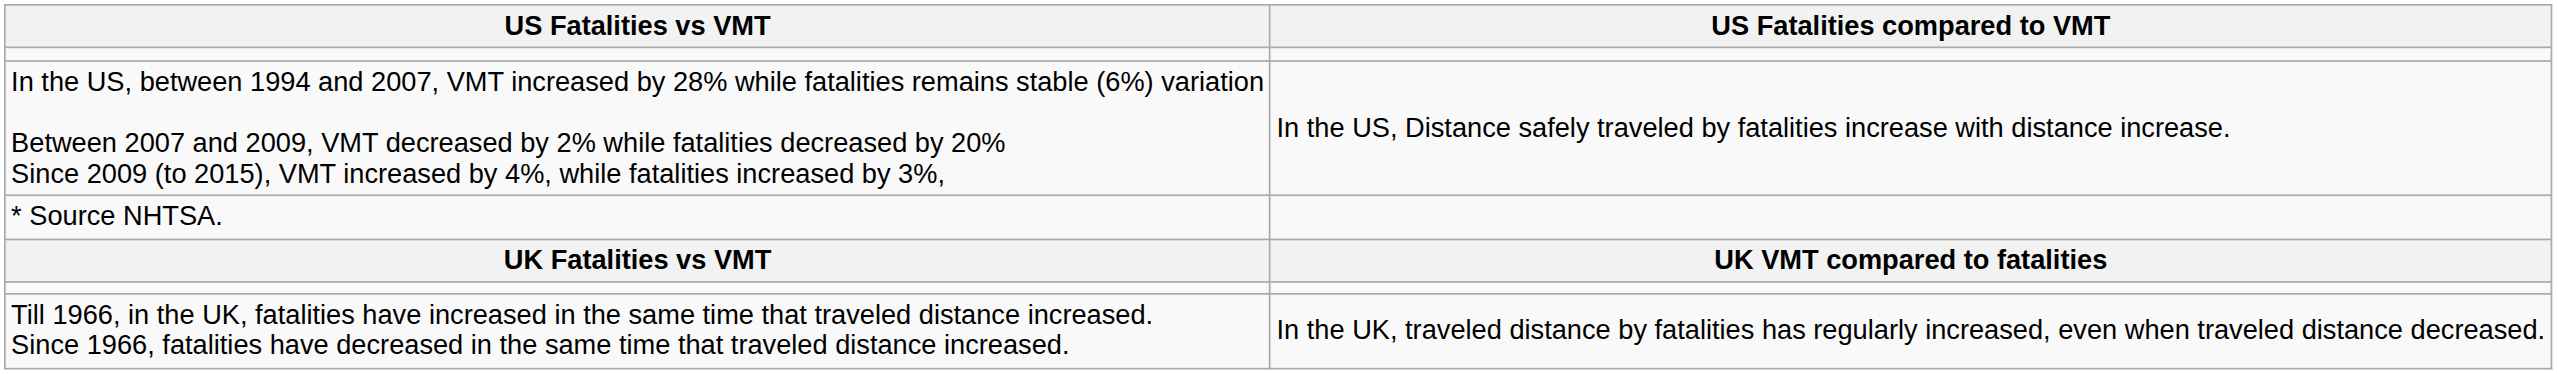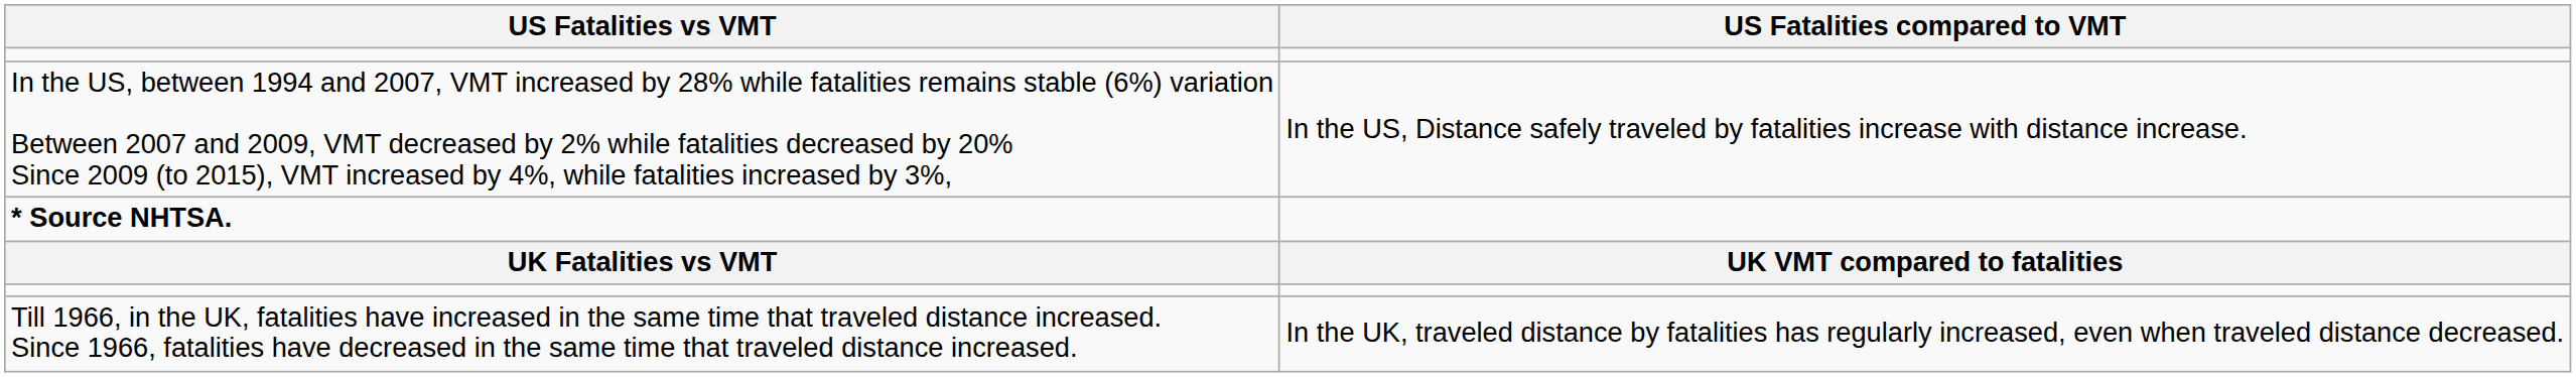 <table class="wikitable">
 <tr>
 <th>US Fatalities vs VMT</th>
 <th>US Fatalities compared to VMT</th>
 </tr>
 <tr>
 <td></td>
 <td></td>
 </tr>
 <tr>
 <td>In the US, between 1994 and 2007, VMT increased by 28% while fatalities remains stable (6%) variation <br><br>Between 2007 and 2009, VMT decreased by 2% while fatalities decreased by 20% <br> Since 2009 (to 2015), VMT increased by 4%, while fatalities increased by 3%,</td>
 <td>In the US, Distance safely traveled by fatalities increase with distance increase.</td>
 </tr>
 <tr>
-<td>* Source NHTSA.</td>
+<td><strong>* Source NHTSA.</strong></td>
 <td></td>
 </tr>
 <tr>
 <th>UK Fatalities vs VMT</th>
 <th>UK VMT compared to fatalities</th>
 </tr>
 <tr>
 <td></td>
 <td></td>
 </tr>
 <tr>
 <td>Till 1966, in the UK, fatalities have increased in the same time that traveled distance increased.<br>Since 1966, fatalities have decreased in the same time that traveled distance increased.</td>
 <td>In the UK, traveled distance by fatalities has regularly increased, even when traveled distance decreased.</td>
 </tr>
 </table>
